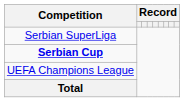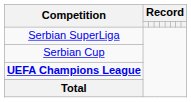 <table class="wikitable" style="text-align: center">
 <tr>
 <th rowspan=2>Competition</th>
 <th colspan=8>Record</th>
 </tr>
 <tr>
 <th></th>
 <th></th>
 <th></th>
 <th></th>
 <th></th>
 <th></th>
 <th></th>
 <th></th>
 </tr>
 <tr>
 <td><a href='#'>Serbian SuperLiga</a><br></td>
 </tr>
 <tr>
-<td><strong><a href='#'>Serbian Cup</a><br></strong></td>
+<td><a href='#'>Serbian Cup</a><br></td>
 </tr>
 <tr>
-<td><a href='#'>UEFA Champions League</a><br></td>
+<td><strong><a href='#'>UEFA Champions League</a><br></strong></td>
 </tr>
 <tr>
 <th>Total<br></th>
 </tr>
 </table>
